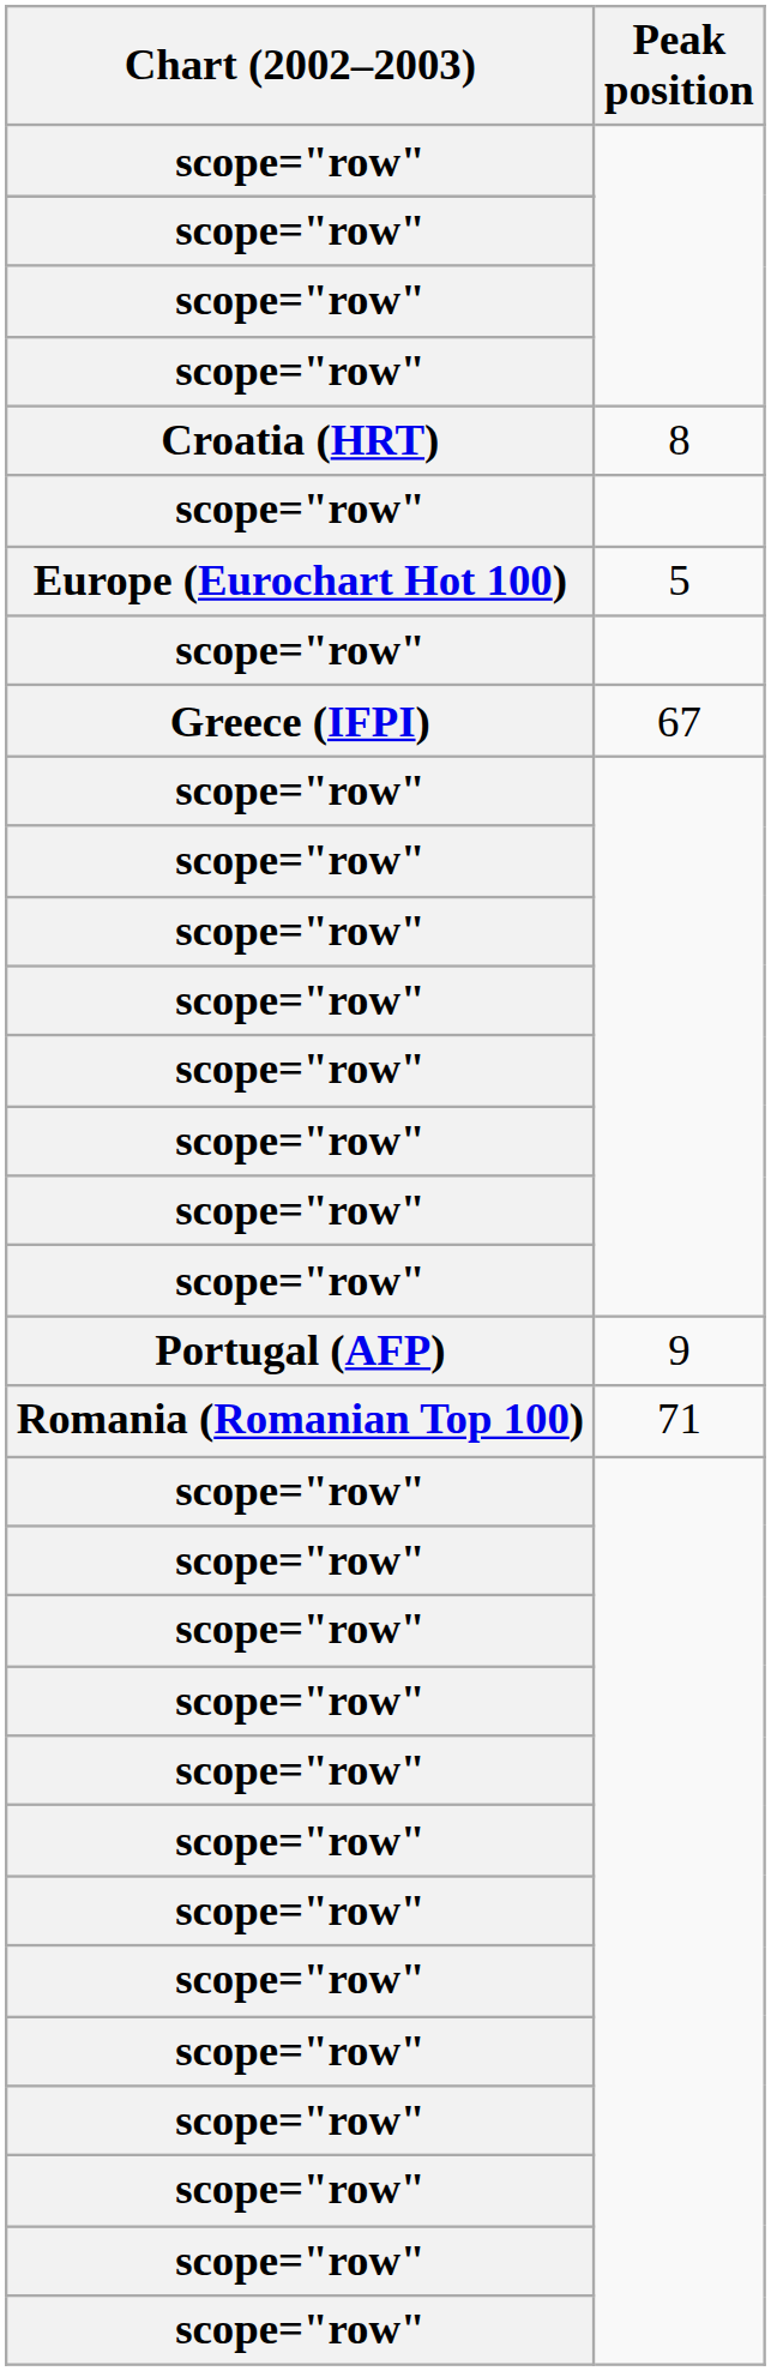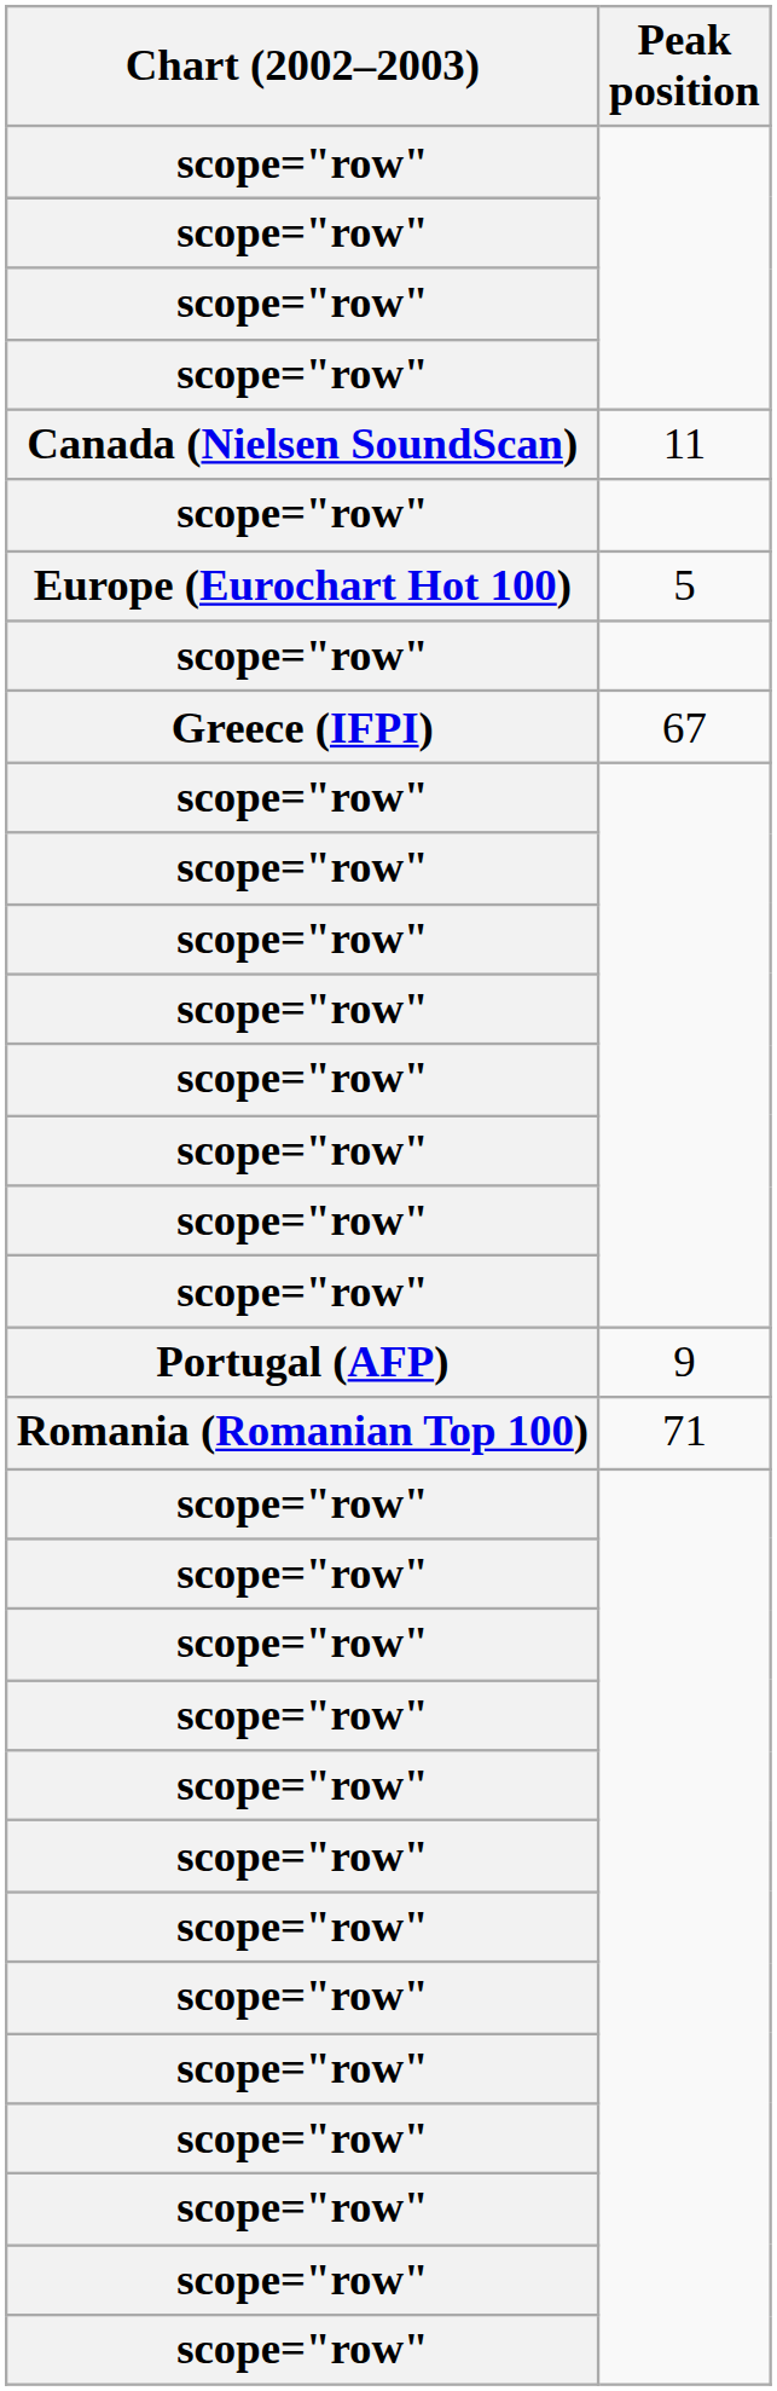 <table class="wikitable sortable plainrowheaders" style="text-align:center">
 <tr>
 <th scope="col">Chart (2002–2003)</th>
 <th scope="col">Peak<br>position</th>
 </tr>
 <tr>
 <th>scope="row" </th>
 </tr>
 <tr>
 </tr>
 <tr>
 <th>scope="row" </th>
 </tr>
 <tr>
 <th>scope="row" </th>
 </tr>
 <tr>
 <th>scope="row" </th>
 </tr>
 <tr>
-<th scope="row">Croatia (<a href='#'>HRT</a>)</th>
-<td>8</td>
+<th scope="row">Canada (<a href='#'>Nielsen SoundScan</a>)</th>
+<td>11</td>
 </tr>
 <tr>
 <th>scope="row" </th>
 </tr>
 <tr>
 <th scope="row">Europe (<a href='#'>Eurochart Hot 100</a>)</th>
 <td>5</td>
 </tr>
 <tr>
 <th>scope="row" </th>
 </tr>
 <tr>
 <th scope="row">Greece (<a href='#'>IFPI</a>)</th>
 <td>67</td>
 </tr>
 <tr>
 <th>scope="row" </th>
 </tr>
 <tr>
 <th>scope="row" </th>
 </tr>
 <tr>
 <th>scope="row" </th>
 </tr>
 <tr>
 <th>scope="row" </th>
 </tr>
 <tr>
 <th>scope="row" </th>
 </tr>
 <tr>
 <th>scope="row" </th>
 </tr>
 <tr>
 <th>scope="row" </th>
 </tr>
 <tr>
 <th>scope="row" </th>
 </tr>
 <tr>
 <th scope="row">Portugal (<a href='#'>AFP</a>)</th>
 <td>9</td>
 </tr>
 <tr>
 <th scope="row">Romania (<a href='#'>Romanian Top 100</a>)</th>
 <td>71</td>
 </tr>
 <tr>
 <th>scope="row" </th>
 </tr>
 <tr>
 <th>scope="row" </th>
 </tr>
 <tr>
 <th>scope="row" </th>
 </tr>
 <tr>
 <th>scope="row" </th>
 </tr>
 <tr>
 <th>scope="row" </th>
 </tr>
 <tr>
 <th>scope="row" </th>
 </tr>
 <tr>
 <th>scope="row" </th>
 </tr>
 <tr>
 <th>scope="row" </th>
 </tr>
 <tr>
 <th>scope="row" </th>
 </tr>
 <tr>
 <th>scope="row" </th>
 </tr>
 <tr>
 <th>scope="row" </th>
 </tr>
 <tr>
 <th>scope="row" </th>
 </tr>
 <tr>
 <th>scope="row" </th>
 </tr>
 </table>
